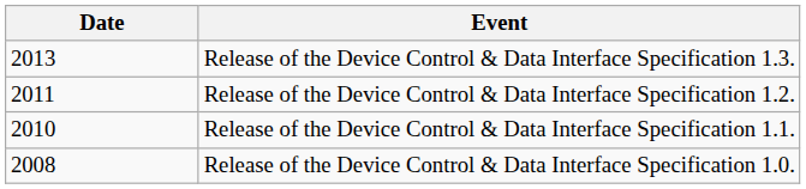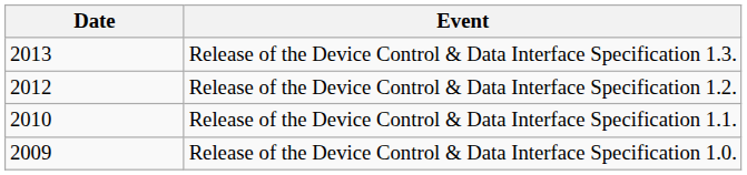 <table class="wikitable">
 <tr>
 <th width="130">Date</th>
 <th>Event</th>
 </tr>
 <tr>
 <td>2013</td>
 <td>Release of the Device Control & Data Interface Specification 1.3.</td>
 </tr>
 <tr>
-<td>2011</td>
+<td>2012</td>
 <td>Release of the Device Control & Data Interface Specification 1.2.</td>
 </tr>
 <tr>
 <td>2010</td>
 <td>Release of the Device Control & Data Interface Specification 1.1.</td>
 </tr>
 <tr>
-<td>2008</td>
+<td>2009</td>
 <td>Release of the Device Control & Data Interface Specification 1.0.</td>
 </tr>
 </table>
